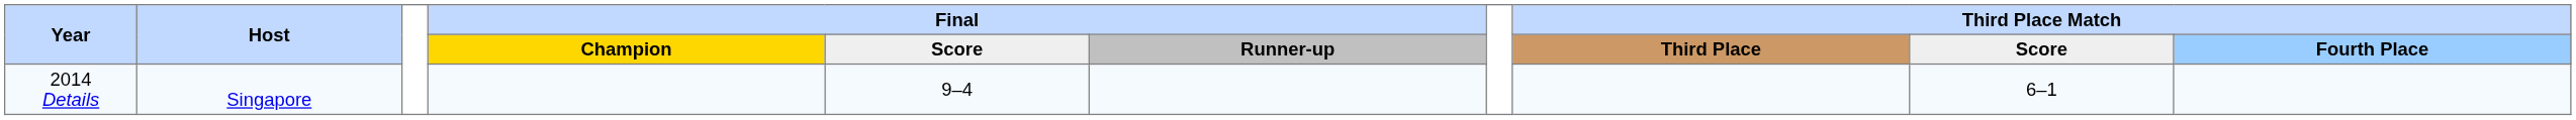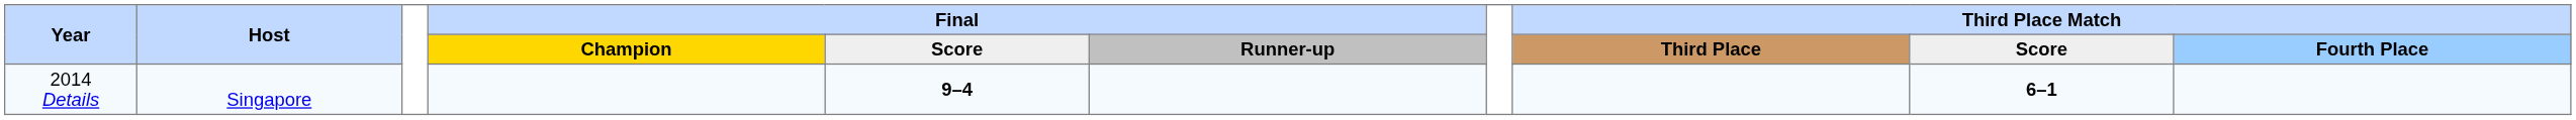 <table border=1 style="border-collapse:collapse; font-size:90%; text-align:center;" cellpadding=3 cellspacing=0 width=100%>
 <tr bgcolor=#C1D8FF>
 <th rowspan=2 width=5%>Year</th>
 <th rowspan=2 width=10%>Host</th>
 <th width=1% rowspan=13 bgcolor=ffffff></th>
 <th colspan=3>Final</th>
 <th width=1% rowspan=13 bgcolor=ffffff></th>
 <th colspan=3>Third Place Match</th>
 </tr>
 <tr bgcolor=#EFEFEF>
 <th width=15% style="background:gold;">Champion</th>
 <th width=10%>Score</th>
 <th width=15% style="background:silver;">Runner-up</th>
 <th width=15% style="background:#cc9966;">Third Place</th>
 <th width=10%>Score</th>
 <th width=15% style="background:#9acdff;">Fourth Place</th>
 </tr>
 <tr bgcolor=#F5FAFF>
 <td>2014<br><em><a href='#'>Details</a></em></td>
 <td><br><a href='#'>Singapore</a></td>
 <td><strong></strong></td>
-<td>9–4</td>
+<td><strong>9–4</strong></td>
 <td></td>
 <td></td>
-<td>6–1</td>
+<td><strong>6–1</strong></td>
 <td></td>
 </tr>
 </table>
